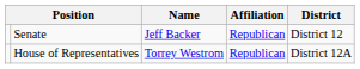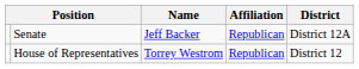 <table class="wikitable">
 <tr>
 <th colspan="2">Position</th>
 <th>Name</th>
 <th>Affiliation</th>
 <th>District</th>
 </tr>
 <tr>
 <td style="background-color:"></td>
 <td>Senate</td>
 <td><a href='#'>Jeff Backer</a></td>
 <td><a href='#'>Republican</a></td>
-<td>District 12</td>
+<td>District 12A</td>
 </tr>
 <tr>
 <td style="background-color:"></td>
 <td>House of Representatives</td>
 <td><a href='#'>Torrey Westrom</a></td>
 <td><a href='#'>Republican</a></td>
-<td>District 12A</td>
+<td>District 12</td>
 </tr>
 </table>
